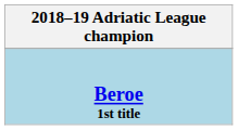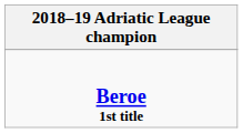 <table class="wikitable" style="margin: 0 auto; width: 30%;">
 <tr>
 <th><big>2018–19 Adriatic League champion</big><br></th>
 </tr>
 <tr>
 </tr>
 <tr>
-<td align=center style="background: lightblue;"><br><br><big><big><strong><a href='#'>Beroe</a></strong> <br></big></big><strong>1st title</strong></td>
+<td align=center><br><br><big><big><strong><a href='#'>Beroe</a></strong> <br></big></big><strong>1st title</strong></td>
 </tr>
 </table>
